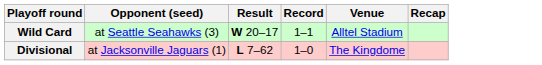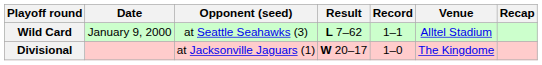 <table class="wikitable" style="text-align:center">
 <tr>
 <th>Playoff round</th>
+<th>Date</th>
 <th>Opponent (seed)</th>
 <th>Result</th>
 <th>Record</th>
 <th>Venue</th>
 <th>Recap</th>
 </tr>
 <tr style="background: #cfc;">
 <th>Wild Card</th>
+<td>January 9, 2000</td>
 <td>at <a href='#'>Seattle Seahawks</a> (3)</td>
-<td><strong>W</strong> 20–17</td>
+<td><strong>L</strong> 7–62</td>
 <td>1–1</td>
 <td><a href='#'>Alltel Stadium</a></td>
 <td></td>
 </tr>
 <tr style="background: #fcc;">
 <th>Divisional</th>
+<td></td>
 <td>at <a href='#'>Jacksonville Jaguars</a> (1)</td>
-<td><strong>L</strong> 7–62</td>
+<td><strong>W</strong> 20–17</td>
 <td>1–0</td>
 <td><a href='#'>The Kingdome</a></td>
 <td></td>
 </tr>
 </table>
